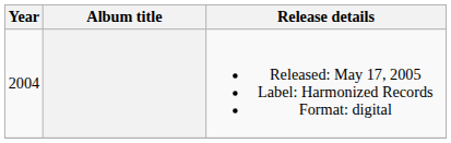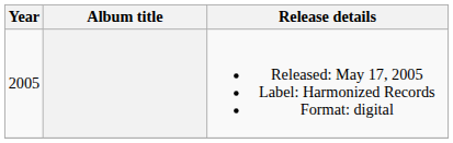 <table class="wikitable plainrowheaders" style="text-align:center;">
 <tr>
 <th>Year</th>
 <th scope="col" rowspan="1" style="width:10em;">Album title</th>
 <th scope="col" rowspan="1" style="width:15em;">Release details</th>
 </tr>
 <tr>
-<td>2004</td>
+<td>2005</td>
 <th></th>
 <td><br><ul><li>Released: May 17, 2005</li><li>Label: Harmonized Records</li><li>Format: digital</li></ul></td>
 </tr>
 <tr>
 </tr>
 </table>
